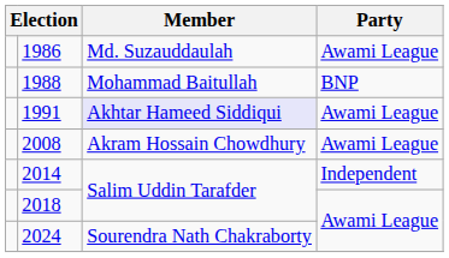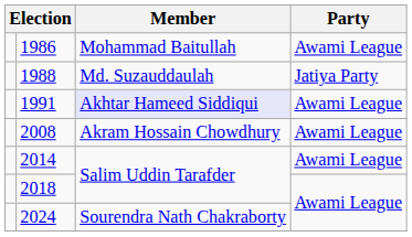 <table class="wikitable">
 <tr>
 <th colspan="2">Election</th>
 <th>Member</th>
 <th>Party</th>
 </tr>
 <tr>
 <td style="background-color:"></td>
 <td><a href='#'>1986</a></td>
-<td><a href='#'>Md. Suzauddaulah</a></td>
+<td><a href='#'>Mohammad Baitullah</a></td>
 <td><a href='#'>Awami League</a></td>
 </tr>
 <tr>
 <td style="background-color:"></td>
 <td><a href='#'>1988</a></td>
-<td><a href='#'>Mohammad Baitullah</a></td>
-<td><a href='#'>BNP</a></td>
+<td><a href='#'>Md. Suzauddaulah</a></td>
+<td><a href='#'>Jatiya Party</a></td>
 </tr>
 <tr>
 <td style="background-color:"></td>
 <td><a href='#'>1991</a></td>
 <td style="background: lavender;"><a href='#'>Akhtar Hameed Siddiqui</a></td>
 <td><a href='#'>Awami League</a></td>
 </tr>
 <tr>
 <td style="background-color:"></td>
 <td><a href='#'>2008</a></td>
 <td><a href='#'>Akram Hossain Chowdhury</a></td>
 <td><a href='#'>Awami League</a></td>
 </tr>
 <tr>
 <td style="background-color:"></td>
 <td><a href='#'>2014</a></td>
 <td rowspan="2"><a href='#'>Salim Uddin Tarafder</a></td>
-<td><a href='#'>Independent</a></td>
+<td><a href='#'>Awami League</a></td>
 </tr>
 <tr>
 <td style="background-color:"></td>
 <td><a href='#'>2018</a></td>
 <td rowspan="2"><a href='#'>Awami League</a></td>
 </tr>
 <tr>
 <td style="background-color:"></td>
 <td><a href='#'>2024</a></td>
 <td><a href='#'>Sourendra Nath Chakraborty</a></td>
 </tr>
 <tr>
 </tr>
 </table>
